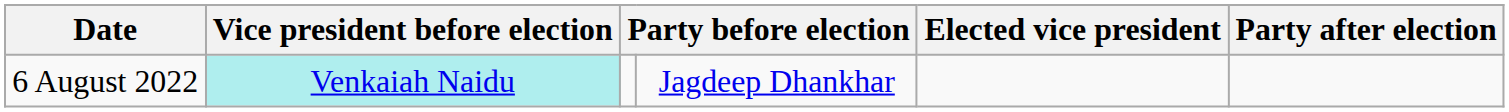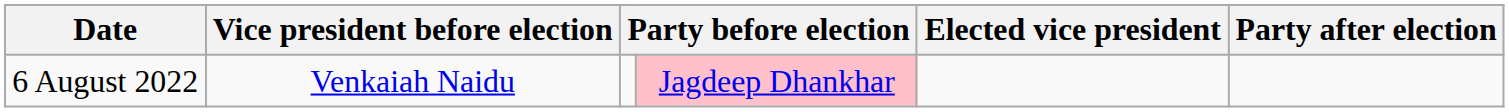 <table class="wikitable sortable" style="text-align:center;">
 <tr>
 <th>Date</th>
 <th>Vice president before election</th>
 <th colspan="2">Party before election</th>
 <th>Elected vice president</th>
 <th colspan="2">Party after election</th>
 </tr>
 <tr>
 <td>6 August 2022</td>
-<td style="background: paleturquoise;"><a href='#'>Venkaiah Naidu</a></td>
+<td><a href='#'>Venkaiah Naidu</a></td>
 <td></td>
-<td><a href='#'>Jagdeep Dhankhar</a></td>
+<td style="background: pink;"><a href='#'>Jagdeep Dhankhar</a></td>
 <td></td>
 </tr>
 </table>
